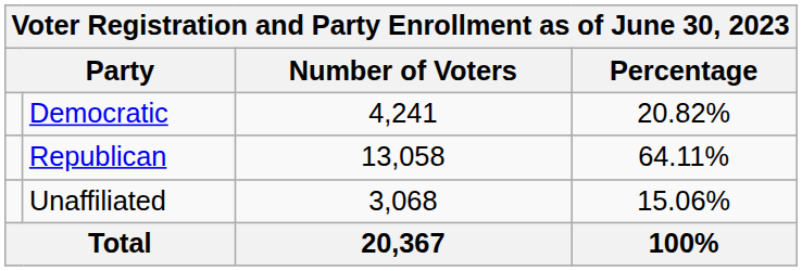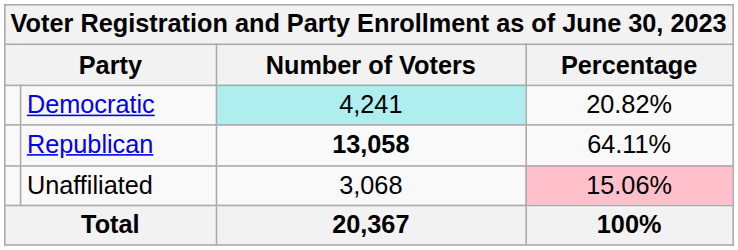 <table class=wikitable>
 <tr>
 <th colspan = 6>Voter Registration and Party Enrollment as of June 30, 2023</th>
 </tr>
 <tr>
 <th colspan = 2>Party</th>
 <th>Number of Voters</th>
 <th>Percentage</th>
 </tr>
 <tr>
 <td></td>
 <td><a href='#'>Democratic</a></td>
-<td align = center>4,241</td>
+<td align = center style="background: paleturquoise;">4,241</td>
 <td align = center>20.82%</td>
 </tr>
 <tr>
 <td></td>
 <td><a href='#'>Republican</a></td>
-<td align = center>13,058</td>
+<td align = center><strong>13,058</strong></td>
 <td align = center>64.11%</td>
 </tr>
 <tr>
 <td></td>
 <td>Unaffiliated</td>
 <td align = center>3,068</td>
-<td align = center>15.06%</td>
+<td align = center style="background: pink;">15.06%</td>
 </tr>
 <tr>
 <th colspan = 2>Total</th>
 <th align = center>20,367</th>
 <th align = center>100%</th>
 </tr>
 </table>
